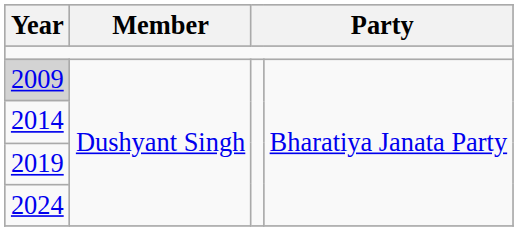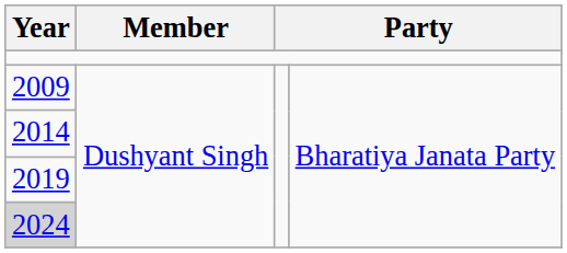 <table class="wikitable">
 <tr>
 <th>Year</th>
 <th>Member</th>
 <th colspan="2">Party</th>
 </tr>
 <tr>
 <td colspan="4"></td>
 </tr>
 <tr>
-<td style="background: lightgrey;"><a href='#'>2009</a></td>
+<td><a href='#'>2009</a></td>
 <td rowspan="4"><a href='#'>Dushyant Singh</a></td>
 <td rowspan="4" style="background-color: "></td>
 <td rowspan="4"><a href='#'>Bharatiya Janata Party</a></td>
 </tr>
 <tr>
 <td><a href='#'>2014</a></td>
 </tr>
 <tr>
 <td><a href='#'>2019</a></td>
 </tr>
 <tr>
-<td><a href='#'>2024</a></td>
+<td style="background: lightgrey;"><a href='#'>2024</a></td>
 </tr>
 </table>
